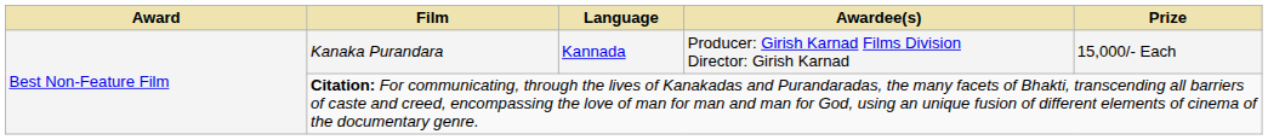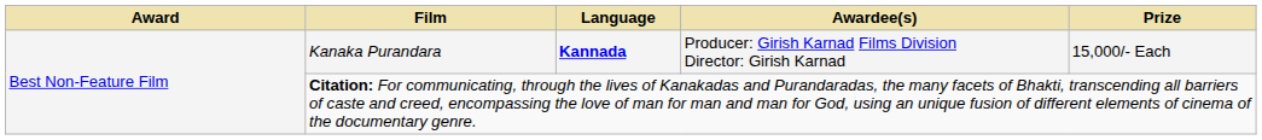 <table class="wikitable" style="width:100%">
 <tr>
 <th style="background-color:#EFE4B0;width:24%;">Award</th>
 <th style="background-color:#EFE4B0;width:20%;">Film</th>
 <th style="background-color:#EFE4B0;width:10%;">Language</th>
 <th style="background-color:#EFE4B0;width:31%;">Awardee(s)</th>
 <th style="background-color:#EFE4B0;width:15%;">Prize</th>
 </tr>
 <tr style="background-color:#F4F4F4">
 <td rowspan="2"><a href='#'>Best Non-Feature Film</a></td>
 <td><em>Kanaka Purandara</em></td>
-<td><a href='#'>Kannada</a></td>
+<td><strong><a href='#'>Kannada</a></strong></td>
 <td>Producer: <a href='#'>Girish Karnad</a>  <a href='#'>Films Division</a><br>Director: Girish Karnad</td>
 <td> 15,000/- Each</td>
 </tr>
 <tr style="background-color:#F9F9F9">
 <td colspan="4"><strong>Citation:</strong> <em>For communicating, through the lives of Kanakadas and Purandaradas, the many facets of Bhakti, transcending all barriers of caste and creed, encompassing the love of man for man and man for God, using an  unique fusion of different elements of cinema of the documentary genre.</em></td>
 </tr>
 </table>
